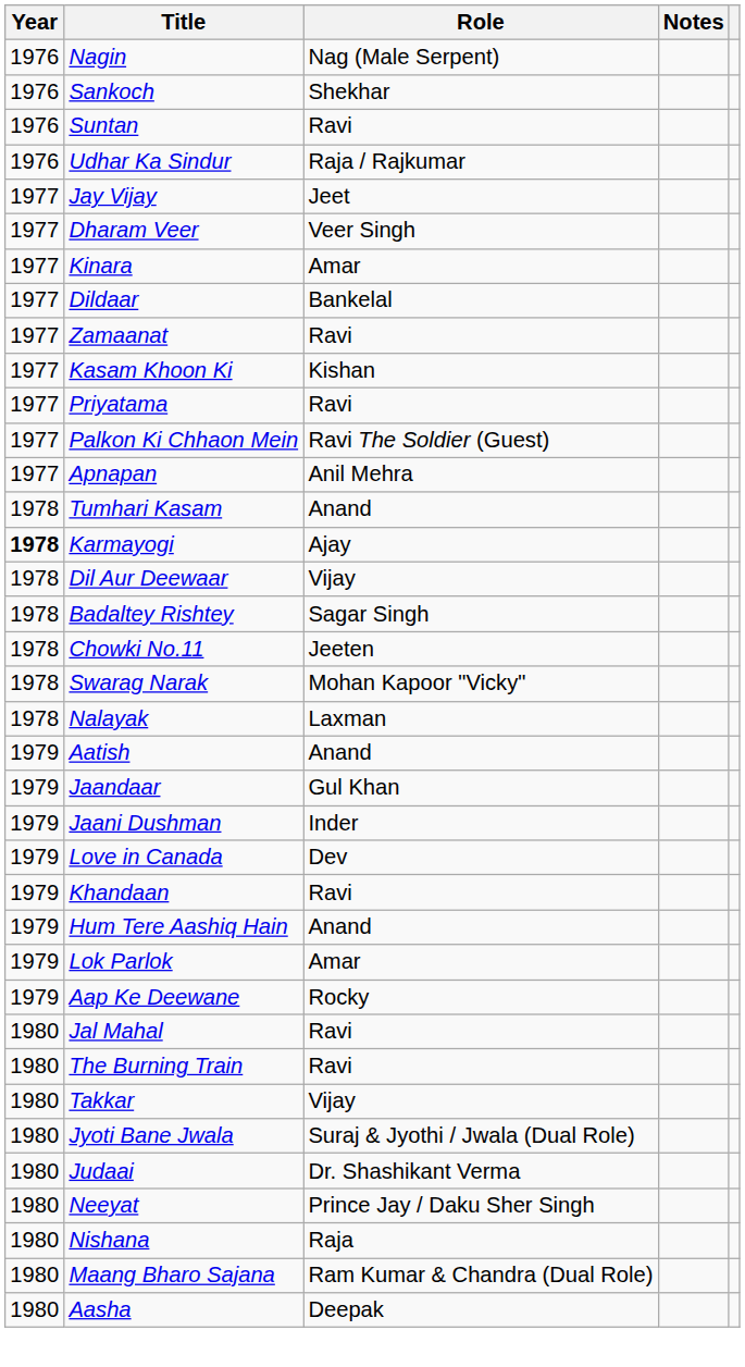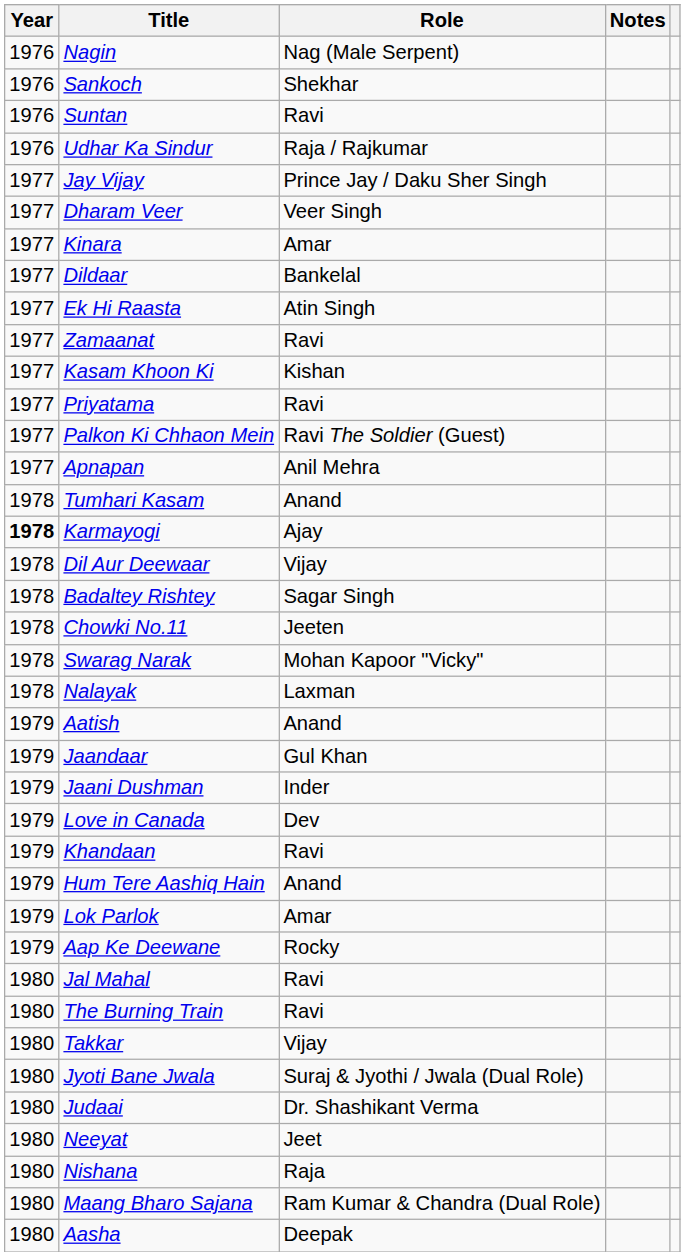 <table class="wikitable sortable">
 <tr style="background:#ccc; align:center,">
 <th>Year</th>
 <th>Title</th>
 <th>Role</th>
 <th>Notes</th>
 <th></th>
 </tr>
 <tr>
 <td>1976</td>
 <td><em><a href='#'>Nagin</a></em></td>
 <td>Nag (Male Serpent)</td>
 <td></td>
 <td></td>
 </tr>
 <tr>
 <td>1976</td>
 <td><em><a href='#'>Sankoch</a></em></td>
 <td>Shekhar</td>
 <td></td>
 <td></td>
 </tr>
 <tr>
 <td>1976</td>
 <td><em><a href='#'>Suntan</a></em></td>
 <td>Ravi</td>
 <td></td>
 <td></td>
 </tr>
 <tr>
 <td>1976</td>
 <td><em><a href='#'>Udhar Ka Sindur</a></em></td>
 <td>Raja / Rajkumar</td>
 <td></td>
 <td></td>
 </tr>
 <tr>
 <td>1977</td>
 <td><em><a href='#'>Jay Vijay</a></em></td>
-<td>Jeet</td>
+<td>Prince Jay / Daku Sher Singh</td>
 <td></td>
 <td></td>
 </tr>
 <tr>
 <td>1977</td>
 <td><em><a href='#'>Dharam Veer</a></em></td>
 <td>Veer Singh</td>
 <td></td>
 <td></td>
 </tr>
 <tr>
 <td>1977</td>
 <td><em><a href='#'>Kinara</a></em></td>
 <td>Amar</td>
 <td></td>
 <td></td>
 </tr>
 <tr>
 <td>1977</td>
 <td><em><a href='#'>Dildaar</a></em></td>
 <td>Bankelal</td>
+<td></td>
+<td></td>
+</tr>
+<tr>
+<td>1977</td>
+<td><em><a href='#'>Ek Hi Raasta</a></em></td>
+<td>Atin Singh</td>
 <td></td>
 <td></td>
 </tr>
 <tr>
 <td>1977</td>
 <td><em><a href='#'>Zamaanat</a></em></td>
 <td>Ravi</td>
 <td></td>
 <td></td>
 </tr>
 <tr>
 <td>1977</td>
 <td><em><a href='#'>Kasam Khoon Ki</a></em></td>
 <td>Kishan</td>
 <td></td>
 <td></td>
 </tr>
 <tr>
 <td>1977</td>
 <td><em><a href='#'>Priyatama</a></em></td>
 <td>Ravi</td>
 <td></td>
 <td></td>
 </tr>
 <tr>
 <td>1977</td>
 <td><em><a href='#'>Palkon Ki Chhaon Mein</a></em></td>
 <td>Ravi <em>The Soldier</em> (Guest)</td>
 <td></td>
 <td></td>
 </tr>
 <tr>
 <td>1977</td>
 <td><em><a href='#'>Apnapan</a></em></td>
 <td>Anil Mehra</td>
 <td></td>
 <td></td>
 </tr>
 <tr>
 <td>1978</td>
 <td><em><a href='#'>Tumhari Kasam</a></em></td>
 <td>Anand</td>
 <td></td>
 <td></td>
 </tr>
 <tr>
 <td><strong>1978</strong></td>
 <td><em><a href='#'>Karmayogi</a></em></td>
 <td>Ajay</td>
 <td></td>
 <td></td>
 </tr>
 <tr>
 <td>1978</td>
 <td><em><a href='#'>Dil Aur Deewaar</a></em></td>
 <td>Vijay</td>
 <td></td>
 <td></td>
 </tr>
 <tr>
 <td>1978</td>
 <td><em><a href='#'>Badaltey Rishtey</a></em></td>
 <td>Sagar Singh</td>
 <td></td>
 <td></td>
 </tr>
 <tr>
 <td>1978</td>
 <td><em><a href='#'>Chowki No.11</a></em></td>
 <td>Jeeten</td>
 <td></td>
 <td></td>
 </tr>
 <tr>
 <td>1978</td>
 <td><em><a href='#'>Swarag Narak</a></em></td>
 <td>Mohan Kapoor "Vicky"</td>
 <td></td>
 <td></td>
 </tr>
 <tr>
 <td>1978</td>
 <td><em><a href='#'>Nalayak</a></em></td>
 <td>Laxman</td>
 <td></td>
 <td></td>
 </tr>
 <tr>
 <td>1979</td>
 <td><em><a href='#'>Aatish</a></em></td>
 <td>Anand</td>
 <td></td>
 <td></td>
 </tr>
 <tr>
 <td>1979</td>
 <td><em><a href='#'>Jaandaar</a></em></td>
 <td>Gul Khan</td>
 <td></td>
 <td></td>
 </tr>
 <tr>
 <td>1979</td>
 <td><em><a href='#'>Jaani Dushman</a></em></td>
 <td>Inder</td>
 <td></td>
 <td></td>
 </tr>
 <tr>
 <td>1979</td>
 <td><em><a href='#'>Love in Canada</a></em></td>
 <td>Dev</td>
 <td></td>
 <td></td>
 </tr>
 <tr>
 <td>1979</td>
 <td><em><a href='#'>Khandaan</a></em></td>
 <td>Ravi</td>
 <td></td>
 <td></td>
 </tr>
 <tr>
 <td>1979</td>
 <td><em><a href='#'>Hum Tere Aashiq Hain</a></em></td>
 <td>Anand</td>
 <td></td>
 <td></td>
 </tr>
 <tr>
 <td>1979</td>
 <td><em><a href='#'>Lok Parlok</a></em></td>
 <td>Amar</td>
 <td></td>
 <td></td>
 </tr>
 <tr>
 <td>1979</td>
 <td><em><a href='#'>Aap Ke Deewane</a></em></td>
 <td>Rocky</td>
 <td></td>
 <td></td>
 </tr>
 <tr>
 <td>1980</td>
 <td><em><a href='#'>Jal Mahal</a></em></td>
 <td>Ravi</td>
 <td></td>
 <td></td>
 </tr>
 <tr>
 <td>1980</td>
 <td><em><a href='#'>The Burning Train</a></em></td>
 <td>Ravi</td>
 <td></td>
 <td></td>
 </tr>
 <tr>
 <td>1980</td>
 <td><em><a href='#'>Takkar</a></em></td>
 <td>Vijay</td>
 <td></td>
 <td></td>
 </tr>
 <tr>
 <td>1980</td>
 <td><em><a href='#'>Jyoti Bane Jwala</a></em></td>
 <td>Suraj & Jyothi / Jwala (Dual Role)</td>
 <td></td>
 <td></td>
 </tr>
 <tr>
 <td>1980</td>
 <td><em><a href='#'>Judaai</a></em></td>
 <td>Dr. Shashikant Verma</td>
 <td></td>
 <td></td>
 </tr>
 <tr>
 <td>1980</td>
 <td><em><a href='#'>Neeyat</a></em></td>
-<td>Prince Jay / Daku Sher Singh</td>
+<td>Jeet</td>
 <td></td>
 <td></td>
 </tr>
 <tr>
 <td>1980</td>
 <td><em><a href='#'>Nishana</a></em></td>
 <td>Raja</td>
 <td></td>
 <td></td>
 </tr>
 <tr>
 <td>1980</td>
 <td><em><a href='#'>Maang Bharo Sajana</a></em></td>
 <td>Ram Kumar & Chandra (Dual Role)</td>
 <td></td>
 <td></td>
 </tr>
 <tr>
 <td>1980</td>
 <td><em><a href='#'>Aasha</a></em></td>
 <td>Deepak</td>
 <td></td>
 <td></td>
 </tr>
 </table>
